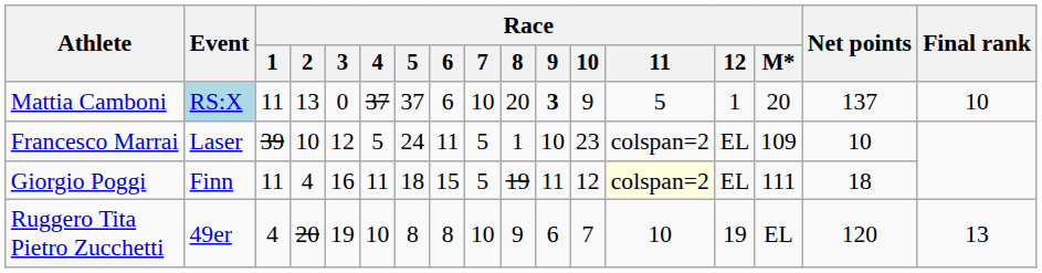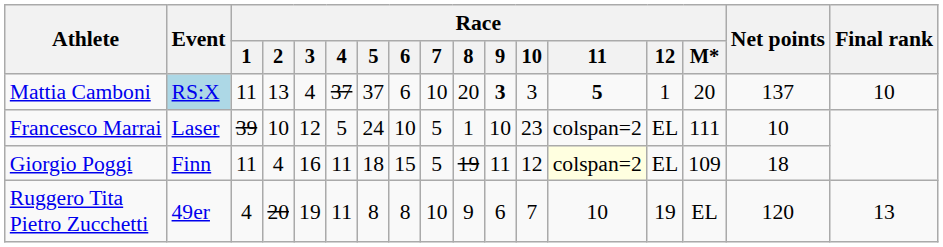 <table class="wikitable" style="font-size:90%">
 <tr>
 <th rowspan="2">Athlete</th>
 <th rowspan="2">Event</th>
 <th colspan=13>Race</th>
 <th rowspan=2>Net points</th>
 <th rowspan=2>Final rank</th>
 </tr>
 <tr style="font-size:95%">
 <th>1</th>
 <th>2</th>
 <th>3</th>
 <th>4</th>
 <th>5</th>
 <th>6</th>
 <th>7</th>
 <th>8</th>
 <th>9</th>
 <th>10</th>
 <th>11</th>
 <th>12</th>
 <th>M*</th>
 </tr>
 <tr align=center>
 <td align=left><a href='#'>Mattia Camboni</a></td>
 <td align=left style="background: lightblue;"><a href='#'>RS:X</a></td>
 <td>11</td>
 <td>13</td>
-<td>0</td>
+<td>4</td>
 <td><s>37</s></td>
 <td>37</td>
 <td>6</td>
 <td>10</td>
 <td>20</td>
 <td><strong>3</strong></td>
-<td>9</td>
-<td>5</td>
+<td>3</td>
+<td><strong>5</strong></td>
 <td>1</td>
 <td>20</td>
 <td>137</td>
 <td>10</td>
 </tr>
 <tr align=center>
 <td align=left><a href='#'>Francesco Marrai</a></td>
 <td align=left><a href='#'>Laser</a></td>
 <td><s>39</s></td>
 <td>10</td>
 <td>12</td>
 <td>5</td>
 <td>24</td>
-<td>11</td>
+<td>10</td>
 <td>5</td>
 <td>1</td>
 <td>10</td>
 <td>23</td>
 <td>colspan=2 </td>
 <td>EL</td>
-<td>109</td>
+<td>111</td>
 <td>10</td>
 </tr>
 <tr align=center>
 <td align=left><a href='#'>Giorgio Poggi</a></td>
 <td align=left><a href='#'>Finn</a></td>
 <td>11</td>
 <td>4</td>
 <td>16</td>
 <td>11</td>
 <td>18</td>
 <td>15</td>
 <td>5</td>
 <td><s>19</s></td>
 <td>11</td>
 <td>12</td>
 <td style="background: lightyellow;">colspan=2 </td>
 <td>EL</td>
-<td>111</td>
+<td>109</td>
 <td>18</td>
 </tr>
 <tr align=center>
 <td align=left><a href='#'>Ruggero Tita</a><br><a href='#'>Pietro Zucchetti</a></td>
 <td align=left><a href='#'>49er</a></td>
 <td>4</td>
 <td><s>20</s></td>
 <td>19</td>
-<td>10</td>
+<td>11</td>
 <td>8</td>
 <td>8</td>
 <td>10</td>
 <td>9</td>
 <td>6</td>
 <td>7</td>
 <td>10</td>
 <td>19</td>
 <td>EL</td>
 <td>120</td>
 <td>13</td>
 </tr>
 </table>
